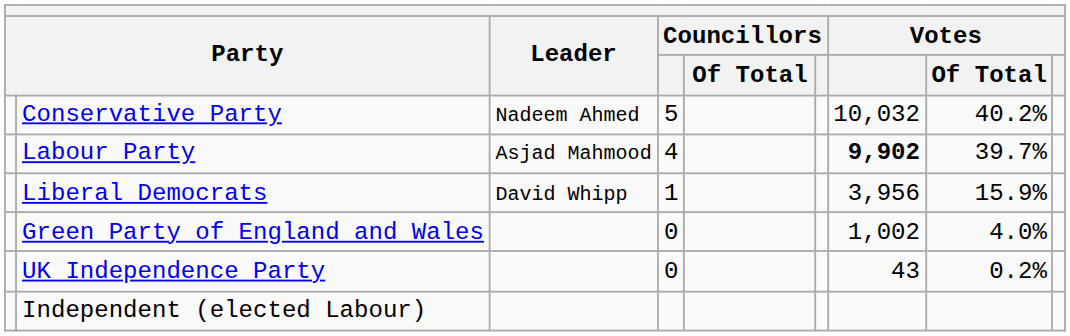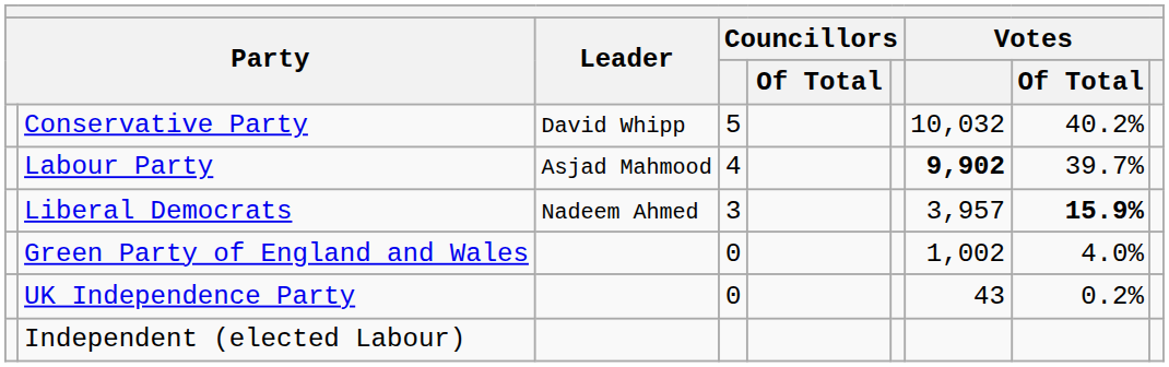 <table class="wikitable sortable" style="text-align:center;">
 <tr>
 <th colspan="9"></th>
 </tr>
 <tr>
 <th colspan="2" rowspan="2">Party</th>
 <th rowspan="2">Leader</th>
 <th colspan="3">Councillors</th>
 <th colspan="3">Votes</th>
 </tr>
 <tr>
 <th></th>
 <th>Of Total</th>
 <th class="unsortable"></th>
 <th></th>
 <th>Of Total</th>
 <th class="unsortable"></th>
 </tr>
 <tr>
 <td style="background:"></td>
 <td style="text-align:left;"><a href='#'>Conservative Party</a></td>
-<td style="text-align:left;"><small>Nadeem Ahmed</small></td>
+<td style="text-align:left;"><small>David Whipp</small></td>
 <td style="text-align:right;">5</td>
 <td style="text-align:right;"></td>
 <td data-sort-value=""></td>
 <td style="text-align:right;">10,032</td>
 <td style="text-align:right;">40.2%</td>
 <td></td>
 </tr>
 <tr>
 <td style="background:"></td>
 <td style="text-align:left;"><a href='#'>Labour Party</a></td>
 <td style="text-align:left;"><small>Asjad Mahmood</small></td>
 <td style="text-align:right;">4</td>
 <td style="text-align:right;"></td>
 <td data-sort-value=""></td>
 <td style="text-align:right;"><strong>9,902</strong></td>
 <td style="text-align:right;">39.7%</td>
 <td></td>
 </tr>
 <tr>
 <td style="background:"></td>
 <td style="text-align:left;"><a href='#'>Liberal Democrats</a></td>
-<td style="text-align:left;"><small>David Whipp</small></td>
-<td style="text-align:right;">1</td>
+<td style="text-align:left;"><small>Nadeem Ahmed</small></td>
+<td style="text-align:right;">3</td>
 <td style="text-align:right;"></td>
 <td data-sort-value=""></td>
-<td style="text-align:right;">3,956</td>
-<td style="text-align:right;">15.9%</td>
+<td style="text-align:right;">3,957</td>
+<td style="text-align:right;"><strong>15.9%</strong></td>
 <td></td>
 </tr>
 <tr>
 <td style="background:"></td>
 <td style="text-align:left;"><a href='#'>Green Party of England and Wales</a></td>
 <td style="text-align:left;"><small></small></td>
 <td style="text-align:right;">0</td>
 <td style="text-align:right;"></td>
 <td data-sort-value=""></td>
 <td style="text-align:right;">1,002</td>
 <td style="text-align:right;">4.0%</td>
 <td></td>
 </tr>
 <tr>
 <td style="background:"></td>
 <td style="text-align:left;"><a href='#'>UK Independence Party</a></td>
 <td style="text-align:left;"><small></small></td>
 <td style="text-align:right;">0</td>
 <td style="text-align:right;"></td>
 <td data-sort-value=""></td>
 <td style="text-align:right;">43</td>
 <td style="text-align:right;">0.2%</td>
 <td></td>
 </tr>
 <tr>
 <td style="background:"></td>
 <td style="text-align:left;">Independent (elected Labour)</td>
 <td style="text-align:left;"><small></small></td>
 <td style="text-align:right;"></td>
 <td style="text-align:right;"></td>
 <td data-sort-value=""></td>
 <td style="text-align:right;"></td>
 <td style="text-align:right;"></td>
 <td></td>
 </tr>
 </table>
